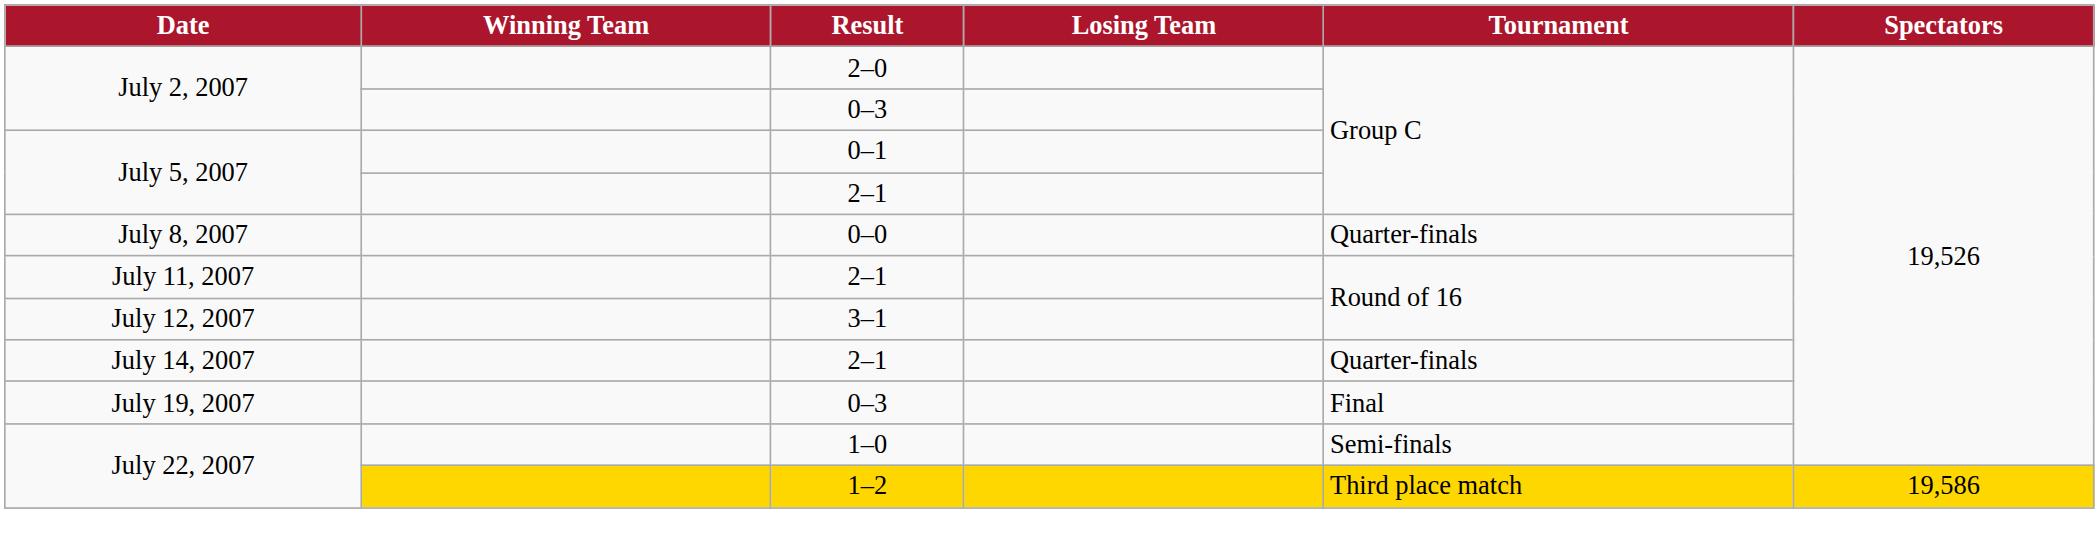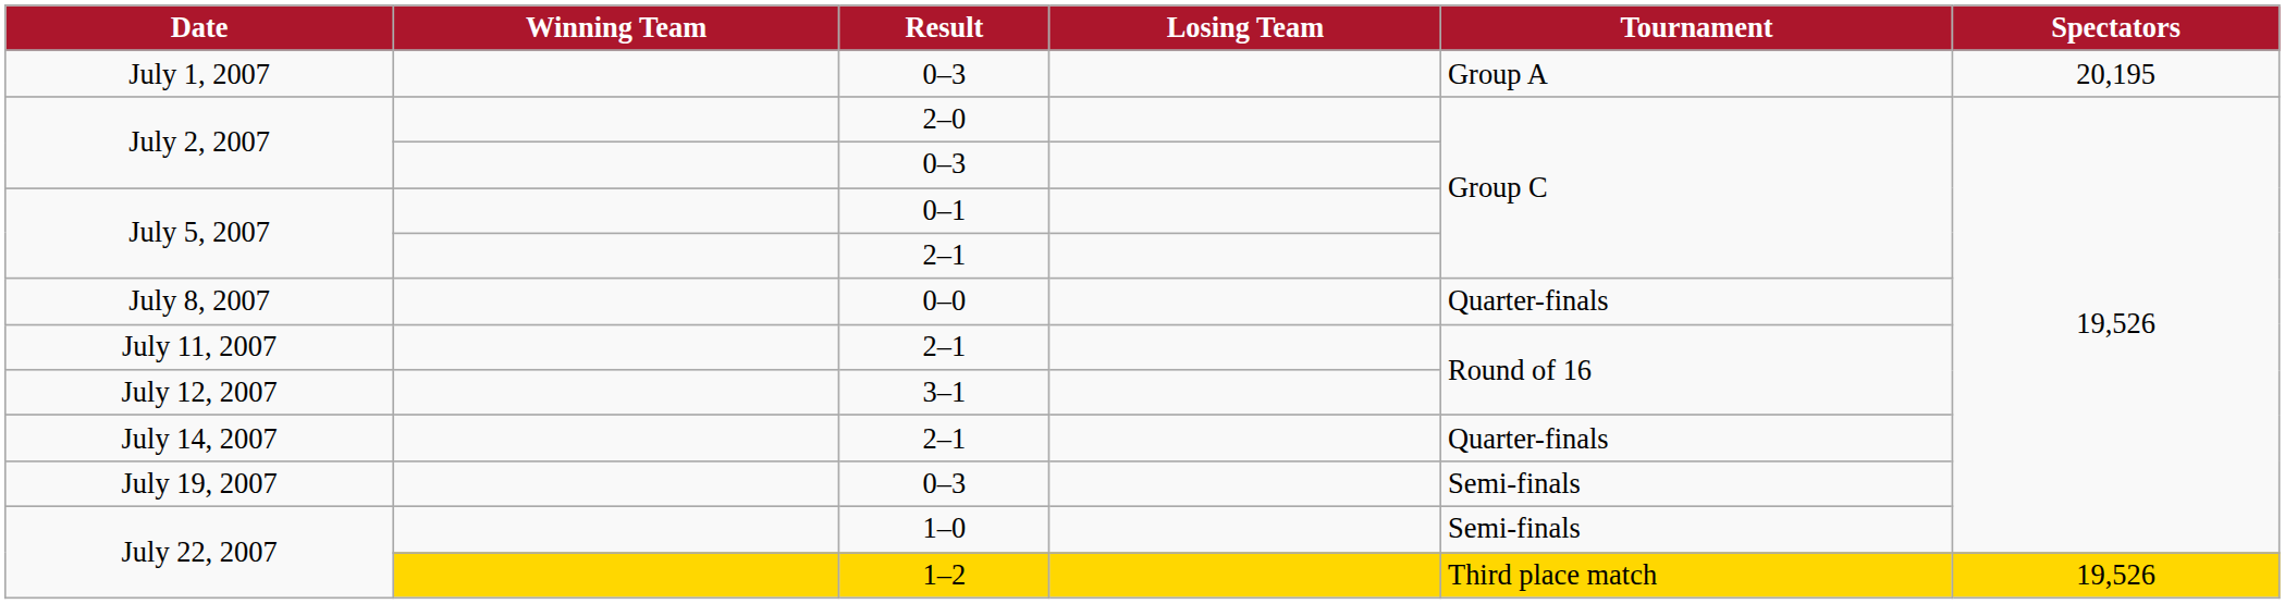 <table class="wikitable"  style="text-align:left; width:80%;" style="text-align:center">
 <tr>
 <th style="text-align:center; background:#AC162C; color:#FFFFFF; ">Date</th>
 <th style="text-align:center; background:#AC162C; color:#FFFFFF; ">Winning Team</th>
 <th style="text-align:center; background:#AC162C; color:#FFFFFF; ">Result</th>
 <th style="text-align:center; background:#AC162C; color:#FFFFFF; ">Losing Team</th>
 <th style="text-align:center; background:#AC162C; color:#FFFFFF; ">Tournament</th>
 <th style="text-align:center; background:#AC162C; color:#FFFFFF; ">Spectators</th>
+</tr>
+<tr>
+<td style="text-align:center;">July 1, 2007</td>
+<td></td>
+<td style="text-align:center;">0–3</td>
+<td></td>
+<td>Group A</td>
+<td style="text-align:center;">20,195</td>
 </tr>
 <tr>
 <td style="text-align:center;" rowspan=2>July 2, 2007</td>
 <td></td>
 <td style="text-align:center;">2–0</td>
 <td></td>
 <td rowspan=4>Group C</td>
 <td rowspan=10 style="text-align:center;">19,526</td>
 </tr>
 <tr>
 <td></td>
 <td style="text-align:center;">0–3</td>
 <td></td>
 </tr>
 <tr>
 <td style="text-align:center;" rowspan=2>July 5, 2007</td>
 <td></td>
 <td style="text-align:center;">0–1</td>
 <td></td>
 </tr>
 <tr>
 <td></td>
 <td style="text-align:center;">2–1</td>
 <td></td>
 </tr>
 <tr>
 <td style="text-align:center;">July 8, 2007</td>
 <td></td>
 <td style="text-align:center;">0–0</td>
 <td></td>
 <td>Quarter-finals</td>
 </tr>
 <tr>
 <td style="text-align:center;">July 11, 2007</td>
 <td></td>
 <td style="text-align:center;">2–1 </td>
 <td></td>
 <td rowspan=2>Round of 16</td>
 </tr>
 <tr>
 <td style="text-align:center;">July 12, 2007</td>
 <td></td>
 <td style="text-align:center;">3–1</td>
 <td></td>
 </tr>
 <tr>
 <td style="text-align:center;">July 14, 2007</td>
 <td></td>
 <td style="text-align:center;">2–1</td>
 <td></td>
 <td>Quarter-finals</td>
 </tr>
 <tr>
 <td style="text-align:center;">July 19, 2007</td>
 <td></td>
 <td style="text-align:center;">0–3</td>
 <td></td>
-<td>Final</td>
+<td>Semi-finals</td>
 </tr>
 <tr>
 <td style="text-align:center;" rowspan=2>July 22, 2007</td>
 <td></td>
 <td style="text-align:center;">1–0</td>
 <td></td>
 <td>Semi-finals</td>
 </tr>
 <tr bgcolor=gold>
 <td></td>
 <td style="text-align:center;">1–2</td>
 <td></td>
 <td>Third place match</td>
-<td style="text-align:center;">19,586</td>
+<td style="text-align:center;">19,526</td>
 </tr>
 </table>
